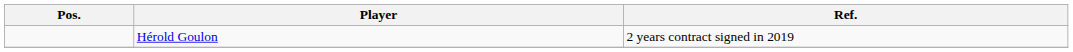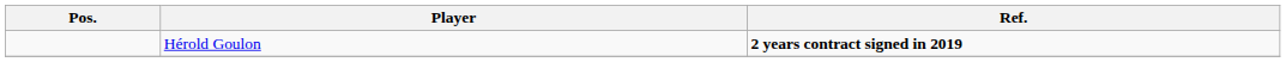 <table class="wikitable" style="width:80%; text-align:center; font-size:100%; text-align:left;">
 <tr>
 <th style="width:50px">Pos.</th>
 <th style="width:210px">Player</th>
 <th style="width:190px">Ref.</th>
 </tr>
 <tr>
 <td></td>
 <td align=left> <a href='#'>Hérold Goulon</a></td>
-<td>2 years contract signed in 2019 </td>
+<td><strong>2 years contract signed in 2019 </strong></td>
 </tr>
 <tr>
 </tr>
 </table>
